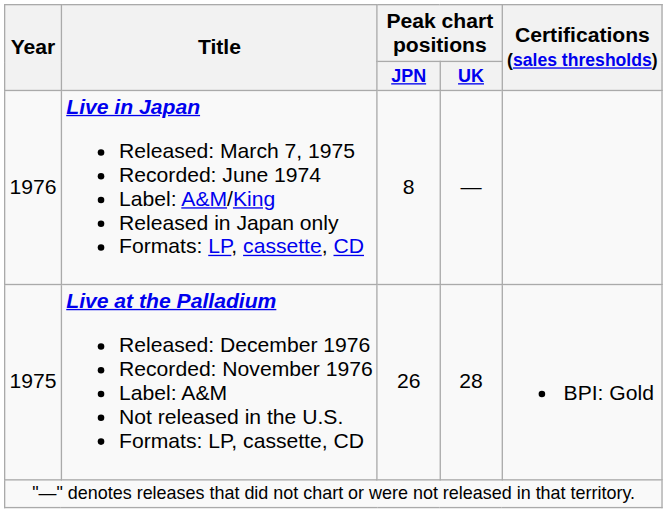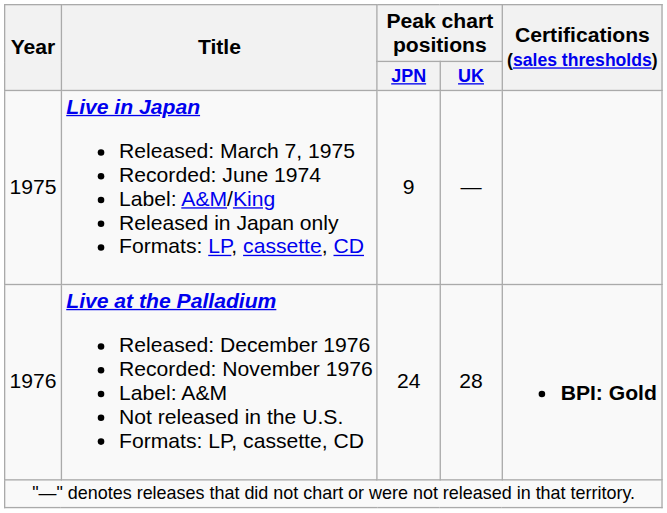 <table class="wikitable" style="text-align:center">
 <tr>
 <th rowspan="2">Year</th>
 <th rowspan="2">Title</th>
 <th colspan="2">Peak chart positions</th>
 <th rowspan="2">Certifications<br><small>(<a href='#'>sales thresholds</a>)</small></th>
 </tr>
 <tr>
 <th style="width:3em;font-size:85%"><a href='#'>JPN</a><br></th>
 <th style="width:3em;font-size:85%"><a href='#'>UK</a><br></th>
 </tr>
 <tr>
-<td>1976</td>
+<td>1975</td>
 <td align="left"><strong><em><a href='#'>Live in Japan</a></em></strong><br><ul><li>Released: March 7, 1975</li><li>Recorded: June 1974</li><li>Label: <a href='#'>A&M</a>/<a href='#'>King</a></li><li>Released in Japan only</li><li>Formats: <a href='#'>LP</a>, <a href='#'>cassette</a>, <a href='#'>CD</a></li></ul></td>
-<td>8</td>
+<td>9</td>
 <td>—</td>
 <td></td>
 </tr>
 <tr>
-<td>1975</td>
+<td>1976</td>
 <td align="left"><strong><em><a href='#'>Live at the Palladium</a></em></strong><br><ul><li>Released: December 1976</li><li>Recorded: November 1976</li><li>Label: A&M</li><li>Not released in the U.S.</li><li>Formats: LP, cassette, CD</li></ul></td>
-<td>26</td>
+<td>24</td>
 <td>28</td>
-<td><br><ul><li>BPI: Gold</li></ul></td>
+<td><strong><br><ul><li>BPI: Gold</li></ul></strong></td>
 </tr>
 <tr>
 <td align="center" colspan="6" style="font-size:85%">"—" denotes releases that did not chart or were not released in that territory.</td>
 </tr>
 </table>
